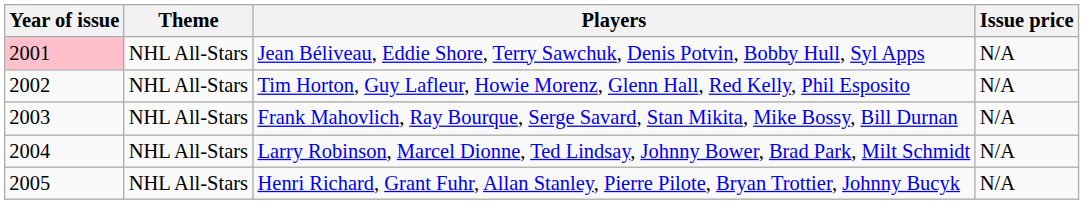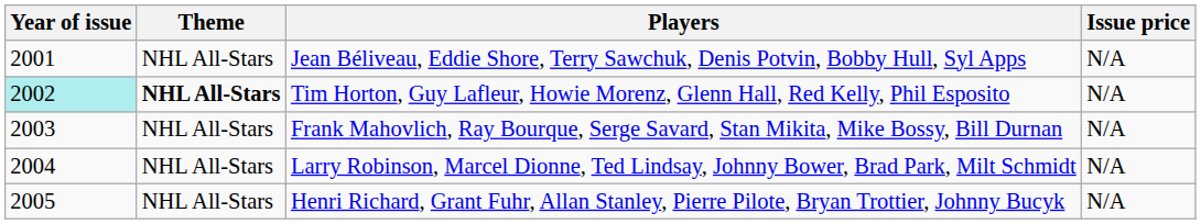 <table class="wikitable sortable">
 <tr>
 <th>Year of issue</th>
 <th>Theme</th>
 <th>Players</th>
 <th>Issue price</th>
 </tr>
 <tr>
-<td style="background: pink;">2001</td>
+<td>2001</td>
 <td>NHL All-Stars</td>
 <td><a href='#'>Jean Béliveau</a>, <a href='#'>Eddie Shore</a>, <a href='#'>Terry Sawchuk</a>, <a href='#'>Denis Potvin</a>, <a href='#'>Bobby Hull</a>, <a href='#'>Syl Apps</a></td>
 <td>N/A</td>
 </tr>
 <tr>
-<td>2002</td>
-<td>NHL All-Stars</td>
+<td style="background: paleturquoise;">2002</td>
+<td><strong>NHL All-Stars</strong></td>
 <td><a href='#'>Tim Horton</a>, <a href='#'>Guy Lafleur</a>, <a href='#'>Howie Morenz</a>, <a href='#'>Glenn Hall</a>, <a href='#'>Red Kelly</a>, <a href='#'>Phil Esposito</a></td>
 <td>N/A</td>
 </tr>
 <tr>
 <td>2003</td>
 <td>NHL All-Stars</td>
 <td><a href='#'>Frank Mahovlich</a>, <a href='#'>Ray Bourque</a>, <a href='#'>Serge Savard</a>, <a href='#'>Stan Mikita</a>, <a href='#'>Mike Bossy</a>, <a href='#'>Bill Durnan</a></td>
 <td>N/A</td>
 </tr>
 <tr>
 <td>2004</td>
 <td>NHL All-Stars</td>
 <td><a href='#'>Larry Robinson</a>, <a href='#'>Marcel Dionne</a>, <a href='#'>Ted Lindsay</a>, <a href='#'>Johnny Bower</a>, <a href='#'>Brad Park</a>, <a href='#'>Milt Schmidt</a></td>
 <td>N/A</td>
 </tr>
 <tr>
 <td>2005</td>
 <td>NHL All-Stars</td>
 <td><a href='#'>Henri Richard</a>, <a href='#'>Grant Fuhr</a>, <a href='#'>Allan Stanley</a>, <a href='#'>Pierre Pilote</a>, <a href='#'>Bryan Trottier</a>, <a href='#'>Johnny Bucyk</a></td>
 <td>N/A</td>
 </tr>
 </table>
